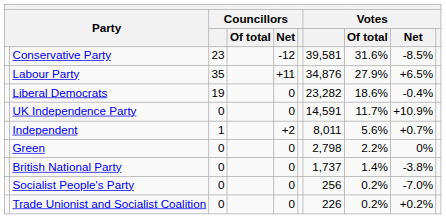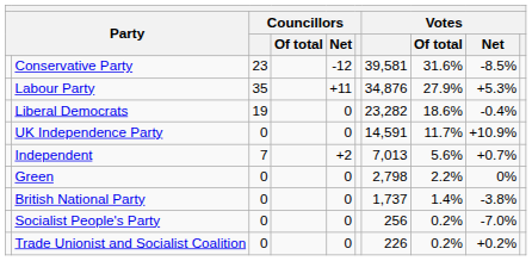 <table class="wikitable sortable" style="text-align:center;">
 <tr>
 <th colspan="10"></th>
 </tr>
 <tr>
 <th colspan="2" rowspan="2">Party</th>
 <th colspan="4">Councillors</th>
 <th colspan="4">Votes</th>
 </tr>
 <tr>
 <th></th>
 <th>Of total</th>
 <th>Net</th>
 <th class="unsortable"></th>
 <th></th>
 <th>Of total</th>
 <th>Net</th>
 <th class="unsortable"></th>
 </tr>
 <tr>
 <td style="background:"></td>
 <td style="text-align:left;"><a href='#'>Conservative Party</a></td>
 <td style="text-align:right;">23</td>
 <td style="text-align:right;"></td>
 <td style="text-align:right;">-12</td>
 <td data-sort-value=""></td>
 <td style="text-align:right;">39,581</td>
 <td style="text-align:right;">31.6%</td>
 <td style="text-align:right;">-8.5%</td>
 <td></td>
 </tr>
 <tr>
 <td style="background:"></td>
 <td style="text-align:left;"><a href='#'>Labour Party</a></td>
 <td style="text-align:right;">35</td>
 <td style="text-align:right;"></td>
 <td style="text-align:right;">+11</td>
 <td data-sort-value=""></td>
 <td style="text-align:right;">34,876</td>
 <td style="text-align:right;">27.9%</td>
-<td style="text-align:right;">+6.5%</td>
+<td style="text-align:right;">+5.3%</td>
 <td></td>
 </tr>
 <tr>
 <td style="background:"></td>
 <td style="text-align:left;"><a href='#'>Liberal Democrats</a></td>
 <td style="text-align:right;">19</td>
 <td style="text-align:right;"></td>
 <td style="text-align:right;">0</td>
 <td data-sort-value=""></td>
 <td style="text-align:right;">23,282</td>
 <td style="text-align:right;">18.6%</td>
 <td style="text-align:right;">-0.4%</td>
 <td></td>
 </tr>
 <tr>
 <td style="background:"></td>
 <td style="text-align:left;"><a href='#'>UK Independence Party</a></td>
 <td style="text-align:right;">0</td>
 <td style="text-align:right;"></td>
 <td style="text-align:right;">0</td>
 <td data-sort-value=""></td>
 <td style="text-align:right;">14,591</td>
 <td style="text-align:right;">11.7%</td>
 <td style="text-align:right;">+10.9%</td>
 <td></td>
 </tr>
 <tr>
 <td style="background:"></td>
 <td style="text-align:left;"><a href='#'>Independent</a></td>
-<td style="text-align:right;">1</td>
+<td style="text-align:right;">7</td>
 <td style="text-align:right;"></td>
 <td style="text-align:right;">+2</td>
 <td data-sort-value=""></td>
-<td style="text-align:right;">8,011</td>
+<td style="text-align:right;">7,013</td>
 <td style="text-align:right;">5.6%</td>
 <td style="text-align:right;">+0.7%</td>
 <td></td>
 </tr>
 <tr>
 <td style="background:"></td>
 <td style="text-align:left;"><a href='#'>Green</a></td>
 <td style="text-align:right;">0</td>
 <td style="text-align:right;"></td>
 <td style="text-align:right;">0</td>
 <td data-sort-value=""></td>
 <td style="text-align:right;">2,798</td>
 <td style="text-align:right;">2.2%</td>
 <td style="text-align:right;">0%</td>
 <td></td>
 </tr>
 <tr>
 <td style="background:"></td>
 <td style="text-align:left;"><a href='#'>British National Party</a></td>
 <td style="text-align:right;">0</td>
 <td style="text-align:right;"></td>
 <td style="text-align:right;">0</td>
 <td data-sort-value=""></td>
 <td style="text-align:right;">1,737</td>
 <td style="text-align:right;">1.4%</td>
 <td style="text-align:right;">-3.8%</td>
 <td></td>
 </tr>
 <tr>
 <td style="background:"></td>
 <td style="text-align:left;"><a href='#'>Socialist People's Party</a></td>
 <td style="text-align:right;">0</td>
 <td style="text-align:right;"></td>
 <td style="text-align:right;">0</td>
 <td data-sort-value=""></td>
 <td style="text-align:right;">256</td>
 <td style="text-align:right;">0.2%</td>
 <td style="text-align:right;">-7.0%</td>
 <td></td>
 </tr>
 <tr>
 <td style="background:"></td>
 <td style="text-align:left;"><a href='#'>Trade Unionist and Socialist Coalition</a></td>
 <td style="text-align:right;">0</td>
 <td style="text-align:right;"></td>
 <td style="text-align:right;">0</td>
 <td data-sort-value=""></td>
 <td style="text-align:right;">226</td>
 <td style="text-align:right;">0.2%</td>
 <td style="text-align:right;">+0.2%</td>
 <td></td>
 </tr>
 </table>
